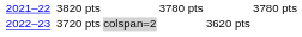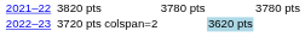 <table>
 <tr>
 <td><a href='#'>2021–22</a></td>
 <td></td>
 <td>3820 pts</td>
 <td></td>
 <td>3780 pts</td>
 <td><br></td>
 <td>3780 pts</td>
 </tr>
 <tr>
 <td><a href='#'>2022–23</a></td>
 <td><br></td>
 <td>3720 pts</td>
-<td style="background: lightgrey;">colspan=2 </td>
+<td>colspan=2 </td>
 <td></td>
-<td>3620 pts</td>
+<td style="background: lightblue;">3620 pts</td>
 </tr>
 </table>
